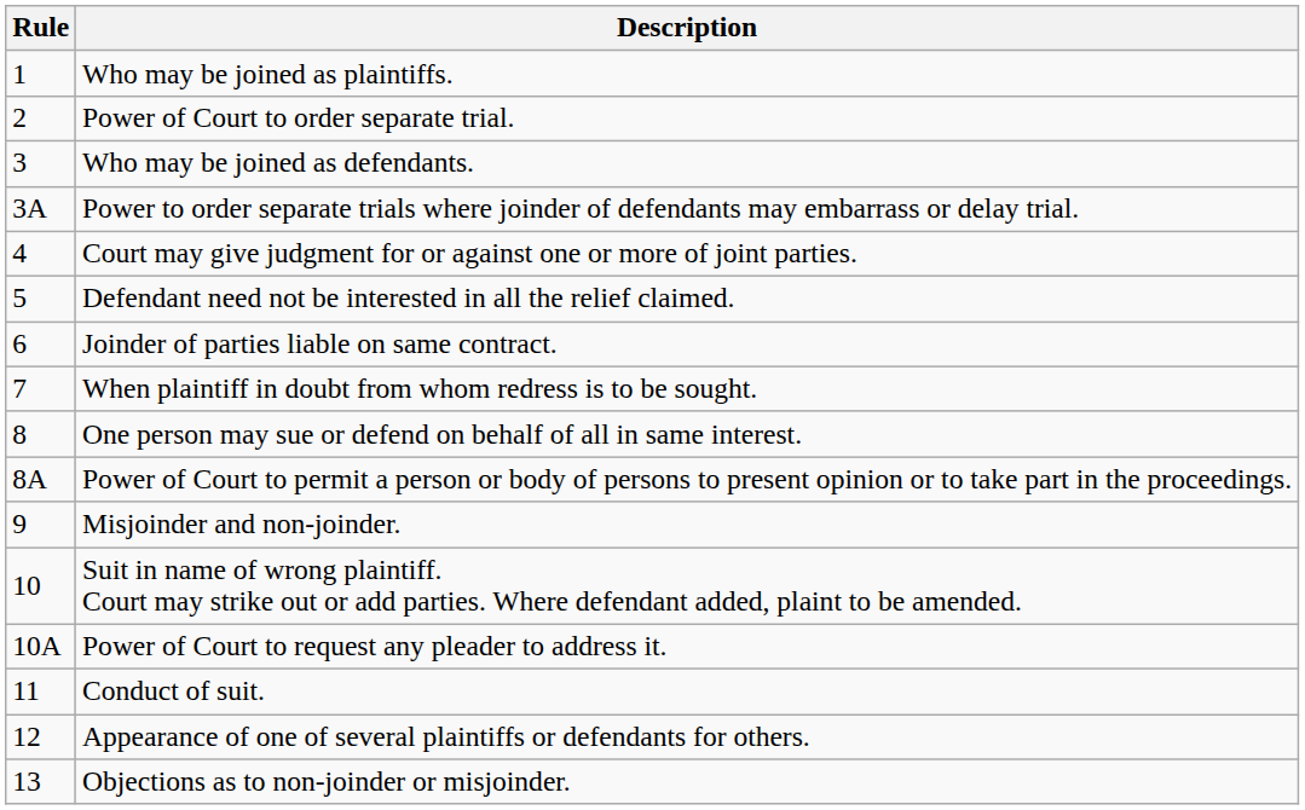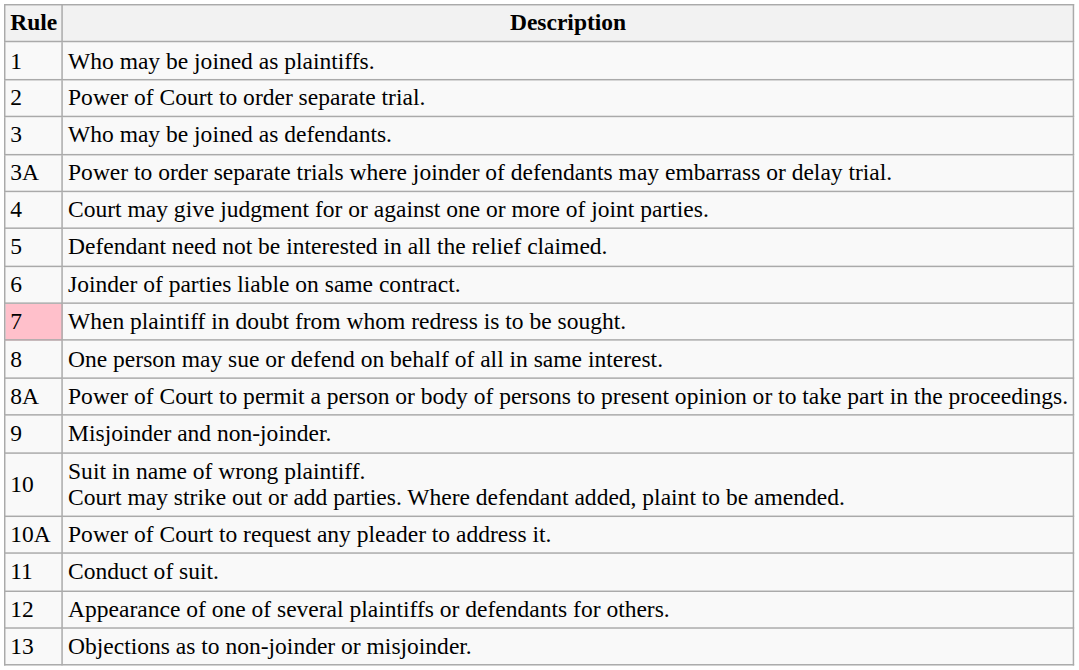 <table class="wikitable">
 <tr>
 <th>Rule</th>
 <th>Description</th>
 </tr>
 <tr>
 <td>1</td>
 <td>Who may be joined as plaintiffs.</td>
 </tr>
 <tr>
 <td>2</td>
 <td>Power of Court to order separate trial.</td>
 </tr>
 <tr>
 <td>3</td>
 <td>Who may be joined as defendants.</td>
 </tr>
 <tr>
 <td>3A</td>
 <td>Power to order separate trials where joinder of defendants may embarrass or delay trial.</td>
 </tr>
 <tr>
 <td>4</td>
 <td>Court may give judgment for or against one or more of joint parties.</td>
 </tr>
 <tr>
 <td>5</td>
 <td>Defendant need not be interested in all the relief claimed.</td>
 </tr>
 <tr>
 <td>6</td>
 <td>Joinder of parties liable on same contract.</td>
 </tr>
 <tr>
-<td>7</td>
+<td style="background: pink;">7</td>
 <td>When plaintiff in doubt from whom redress is to be sought.</td>
 </tr>
 <tr>
 <td>8</td>
 <td>One person may sue or defend on behalf of all in same interest.</td>
 </tr>
 <tr>
 <td>8A</td>
 <td>Power of Court to permit a person or body of persons to present opinion or to take part in the proceedings.</td>
 </tr>
 <tr>
 <td>9</td>
 <td>Misjoinder and non-joinder.</td>
 </tr>
 <tr>
 <td>10</td>
 <td>Suit in name of wrong plaintiff.<br>Court may strike out or add parties. Where defendant added, plaint to be amended.</td>
 </tr>
 <tr>
 <td>10A</td>
 <td>Power of Court to request any pleader to address it.</td>
 </tr>
 <tr>
 <td>11</td>
 <td>Conduct of suit.</td>
 </tr>
 <tr>
 <td>12</td>
 <td>Appearance of one of several plaintiffs or defendants for others.</td>
 </tr>
 <tr>
 <td>13</td>
 <td>Objections as to non-joinder or misjoinder.</td>
 </tr>
 </table>
